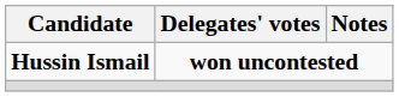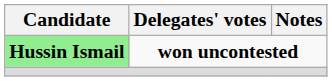 <table class="wikitable" style="text-align:center">
 <tr>
 <th>Candidate</th>
 <th>Delegates' votes</th>
 <th>Notes</th>
 </tr>
 <tr>
-<td align="left"><strong>Hussin Ismail</strong></td>
+<td align="left" style="background: lightgreen;"><strong>Hussin Ismail</strong></td>
 <td colspan="2" align="center"><strong>won uncontested</strong></td>
 </tr>
 <tr>
 <td colspan="3" bgcolor="dcdcdc"></td>
 </tr>
 </table>
